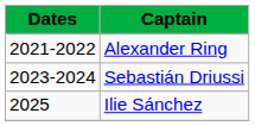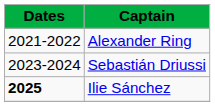 <table class="wikitable plainrowheaders unsortable">
 <tr>
 <th style="background:#00AE42; color:#000000" scope="col">Dates</th>
 <th style="background:#00AE42; color:#000000" scope="col">Captain</th>
 </tr>
 <tr>
 <td>2021-2022</td>
 <td scope="row"> <a href='#'>Alexander Ring</a></td>
 </tr>
 <tr>
 <td>2023-2024</td>
 <td scope="row"> <a href='#'>Sebastián Driussi</a></td>
 </tr>
 <tr>
-<td>2025</td>
+<td><strong>2025</strong></td>
 <td scope="row"> <a href='#'>Ilie Sánchez</a></td>
 </tr>
 <tr>
 </tr>
 </table>
